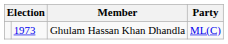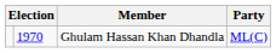 <table class="wikitable">
 <tr>
 <th colspan="2">Election</th>
 <th>Member</th>
 <th>Party</th>
 </tr>
 <tr>
 <td style="background-color: "></td>
-<td><a href='#'>1973</a></td>
+<td><a href='#'>1970</a></td>
 <td>Ghulam Hassan Khan Dhandla</td>
 <td><a href='#'>ML(C)</a></td>
 </tr>
 </table>
